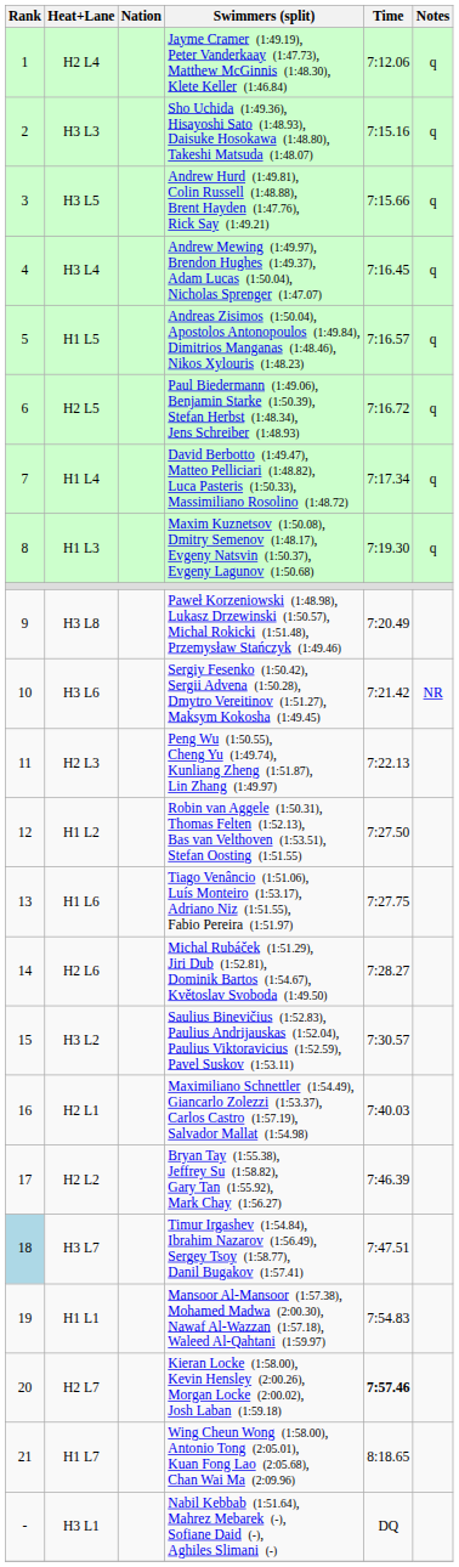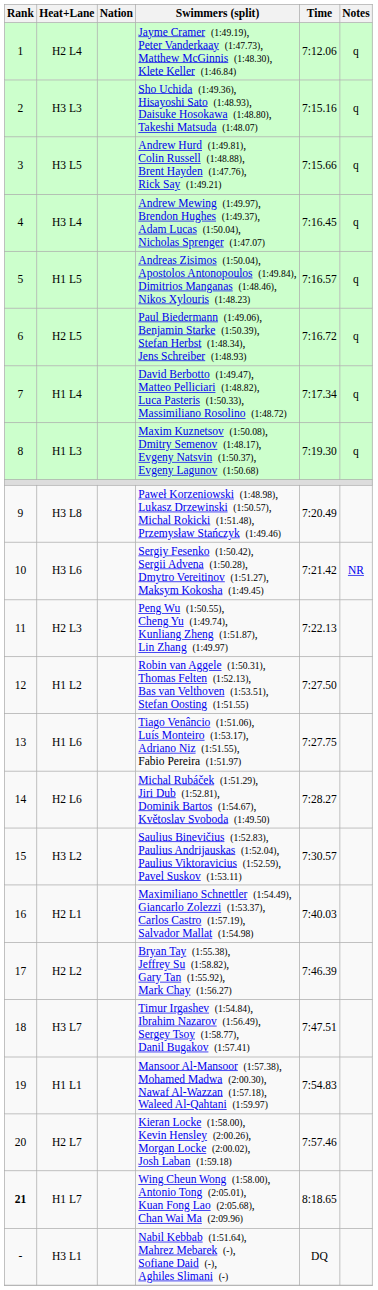 <table class="wikitable sortable" style="text-align:center">
 <tr>
 <th>Rank</th>
 <th>Heat+Lane</th>
 <th>Nation</th>
 <th>Swimmers (split)</th>
 <th>Time</th>
 <th>Notes</th>
 </tr>
 <tr bgcolor=ccffcc>
 <td>1</td>
 <td>H2 L4</td>
 <td align=left></td>
 <td align=left><a href='#'>Jayme Cramer</a>  <small>(1:49.19)</small>,<br> <a href='#'>Peter Vanderkaay</a>  <small>(1:47.73)</small>, <br> <a href='#'>Matthew McGinnis</a>  <small>(1:48.30)</small>,<br> <a href='#'>Klete Keller</a>  <small>(1:46.84)</small></td>
 <td>7:12.06</td>
 <td>q</td>
 </tr>
 <tr bgcolor=ccffcc>
 <td>2</td>
 <td>H3 L3</td>
 <td align=left></td>
 <td align=left><a href='#'>Sho Uchida</a>  <small>(1:49.36)</small>,<br> <a href='#'>Hisayoshi Sato</a>  <small>(1:48.93)</small>, <br> <a href='#'>Daisuke Hosokawa</a>  <small>(1:48.80)</small>,<br> <a href='#'>Takeshi Matsuda</a>  <small>(1:48.07)</small></td>
 <td>7:15.16</td>
 <td>q</td>
 </tr>
 <tr bgcolor=ccffcc>
 <td>3</td>
 <td>H3 L5</td>
 <td align=left></td>
 <td align=left><a href='#'>Andrew Hurd</a>  <small>(1:49.81)</small>,<br> <a href='#'>Colin Russell</a>  <small>(1:48.88)</small>, <br> <a href='#'>Brent Hayden</a>  <small>(1:47.76)</small>,<br> <a href='#'>Rick Say</a>  <small>(1:49.21)</small></td>
 <td>7:15.66</td>
 <td>q</td>
 </tr>
 <tr bgcolor=ccffcc>
 <td>4</td>
 <td>H3 L4</td>
 <td align=left></td>
 <td align=left><a href='#'>Andrew Mewing</a>  <small>(1:49.97)</small>,<br> <a href='#'>Brendon Hughes</a>  <small>(1:49.37)</small>, <br> <a href='#'>Adam Lucas</a>  <small>(1:50.04)</small>,<br> <a href='#'>Nicholas Sprenger</a>  <small>(1:47.07)</small></td>
 <td>7:16.45</td>
 <td>q</td>
 </tr>
 <tr bgcolor=ccffcc>
 <td>5</td>
 <td>H1 L5</td>
 <td align=left></td>
 <td align=left><a href='#'>Andreas Zisimos</a>  <small>(1:50.04)</small>,<br> <a href='#'>Apostolos Antonopoulos</a>  <small>(1:49.84)</small>, <br> <a href='#'>Dimitrios Manganas</a>  <small>(1:48.46)</small>,<br> <a href='#'>Nikos Xylouris</a>  <small>(1:48.23)</small></td>
 <td>7:16.57</td>
 <td>q</td>
 </tr>
 <tr bgcolor=ccffcc>
 <td>6</td>
 <td>H2 L5</td>
 <td align=left></td>
 <td align=left><a href='#'>Paul Biedermann</a>  <small>(1:49.06)</small>,<br> <a href='#'>Benjamin Starke</a>  <small>(1:50.39)</small>, <br> <a href='#'>Stefan Herbst</a>  <small>(1:48.34)</small>,<br> <a href='#'>Jens Schreiber</a>  <small>(1:48.93)</small></td>
 <td>7:16.72</td>
 <td>q</td>
 </tr>
 <tr bgcolor=ccffcc>
 <td>7</td>
 <td>H1 L4</td>
 <td align=left></td>
 <td align=left><a href='#'>David Berbotto</a>  <small>(1:49.47)</small>,<br> <a href='#'>Matteo Pelliciari</a>  <small>(1:48.82)</small>, <br> <a href='#'>Luca Pasteris</a>  <small>(1:50.33)</small>,<br> <a href='#'>Massimiliano Rosolino</a>  <small>(1:48.72)</small></td>
 <td>7:17.34</td>
 <td>q</td>
 </tr>
 <tr bgcolor=ccffcc>
 <td>8</td>
 <td>H1 L3</td>
 <td align=left></td>
 <td align=left><a href='#'>Maxim Kuznetsov</a>  <small>(1:50.08)</small>,<br> <a href='#'>Dmitry Semenov</a>  <small>(1:48.17)</small>, <br> <a href='#'>Evgeny Natsvin</a>  <small>(1:50.37)</small>,<br> <a href='#'>Evgeny Lagunov</a>  <small>(1:50.68)</small></td>
 <td>7:19.30</td>
 <td>q</td>
 </tr>
 <tr bgcolor=#DDDDDD>
 <td colspan=6></td>
 </tr>
 <tr>
 <td>9</td>
 <td>H3 L8</td>
 <td align=left></td>
 <td align=left><a href='#'>Paweł Korzeniowski</a>  <small>(1:48.98)</small>,<br> <a href='#'>Lukasz Drzewinski</a>  <small>(1:50.57)</small>, <br> <a href='#'>Michal Rokicki</a>  <small>(1:51.48)</small>,<br> <a href='#'>Przemysław Stańczyk</a>  <small>(1:49.46)</small></td>
 <td>7:20.49</td>
 <td></td>
 </tr>
 <tr>
 <td>10</td>
 <td>H3 L6</td>
 <td align=left></td>
 <td align=left><a href='#'>Sergiy Fesenko</a>  <small>(1:50.42)</small>,<br> <a href='#'>Sergii Advena</a>  <small>(1:50.28)</small>, <br> <a href='#'>Dmytro Vereitinov</a>  <small>(1:51.27)</small>,<br> <a href='#'>Maksym Kokosha</a>  <small>(1:49.45)</small></td>
 <td>7:21.42</td>
 <td><a href='#'>NR</a></td>
 </tr>
 <tr>
 <td>11</td>
 <td>H2 L3</td>
 <td align=left></td>
 <td align=left><a href='#'>Peng Wu</a>  <small>(1:50.55)</small>,<br> <a href='#'>Cheng Yu</a>  <small>(1:49.74)</small>, <br> <a href='#'>Kunliang Zheng</a>  <small>(1:51.87)</small>,<br> <a href='#'>Lin Zhang</a>  <small>(1:49.97)</small></td>
 <td>7:22.13</td>
 <td></td>
 </tr>
 <tr>
 <td>12</td>
 <td>H1 L2</td>
 <td align=left></td>
 <td align=left><a href='#'>Robin van Aggele</a>  <small>(1:50.31)</small>,<br> <a href='#'>Thomas Felten</a>  <small>(1:52.13)</small>, <br> <a href='#'>Bas van Velthoven</a>  <small>(1:53.51)</small>,<br> <a href='#'>Stefan Oosting</a>  <small>(1:51.55)</small></td>
 <td>7:27.50</td>
 <td></td>
 </tr>
 <tr>
 <td>13</td>
 <td>H1 L6</td>
 <td align=left></td>
 <td align=left><a href='#'>Tiago Venâncio</a>  <small>(1:51.06)</small>,<br> <a href='#'>Luís Monteiro</a>  <small>(1:53.17)</small>, <br> <a href='#'>Adriano Niz</a>  <small>(1:51.55)</small>,<br> Fabio Pereira  <small>(1:51.97)</small></td>
 <td>7:27.75</td>
 <td></td>
 </tr>
 <tr>
 <td>14</td>
 <td>H2 L6</td>
 <td align=left></td>
 <td align=left><a href='#'>Michal Rubáček</a>  <small>(1:51.29)</small>,<br> <a href='#'>Jiri Dub</a>  <small>(1:52.81)</small>, <br> <a href='#'>Dominik Bartos</a>  <small>(1:54.67)</small>,<br> <a href='#'>Květoslav Svoboda</a>  <small>(1:49.50)</small></td>
 <td>7:28.27</td>
 <td></td>
 </tr>
 <tr>
 <td>15</td>
 <td>H3 L2</td>
 <td align=left></td>
 <td align=left><a href='#'>Saulius Binevičius</a>  <small>(1:52.83)</small>,<br> <a href='#'>Paulius Andrijauskas</a>  <small>(1:52.04)</small>, <br> <a href='#'>Paulius Viktoravicius</a>  <small>(1:52.59)</small>,<br> <a href='#'>Pavel Suskov</a>  <small>(1:53.11)</small></td>
 <td>7:30.57</td>
 <td></td>
 </tr>
 <tr>
 <td>16</td>
 <td>H2 L1</td>
 <td align=left></td>
 <td align=left><a href='#'>Maximiliano Schnettler</a>  <small>(1:54.49)</small>,<br> <a href='#'>Giancarlo Zolezzi</a>  <small>(1:53.37)</small>, <br> <a href='#'>Carlos Castro</a>  <small>(1:57.19)</small>,<br> <a href='#'>Salvador Mallat</a>  <small>(1:54.98)</small></td>
 <td>7:40.03</td>
 <td></td>
 </tr>
 <tr>
 <td>17</td>
 <td>H2 L2</td>
 <td align=left></td>
 <td align=left><a href='#'>Bryan Tay</a>  <small>(1:55.38)</small>,<br> <a href='#'>Jeffrey Su</a>  <small>(1:58.82)</small>, <br> <a href='#'>Gary Tan</a>  <small>(1:55.92)</small>,<br> <a href='#'>Mark Chay</a>  <small>(1:56.27)</small></td>
 <td>7:46.39</td>
 <td></td>
 </tr>
 <tr>
-<td style="background: lightblue;">18</td>
+<td>18</td>
 <td>H3 L7</td>
 <td align=left></td>
 <td align=left><a href='#'>Timur Irgashev</a>  <small>(1:54.84)</small>,<br> <a href='#'>Ibrahim Nazarov</a>  <small>(1:56.49)</small>, <br> <a href='#'>Sergey Tsoy</a>  <small>(1:58.77)</small>,<br> <a href='#'>Danil Bugakov</a>  <small>(1:57.41)</small></td>
 <td>7:47.51</td>
 <td></td>
 </tr>
 <tr>
 <td>19</td>
 <td>H1 L1</td>
 <td align=left></td>
 <td align=left><a href='#'>Mansoor Al-Mansoor</a>  <small>(1:57.38)</small>,<br> <a href='#'>Mohamed Madwa</a>  <small>(2:00.30)</small>, <br> <a href='#'>Nawaf Al-Wazzan</a>  <small>(1:57.18)</small>,<br> <a href='#'>Waleed Al-Qahtani</a>  <small>(1:59.97)</small></td>
 <td>7:54.83</td>
 <td></td>
 </tr>
 <tr>
 <td>20</td>
 <td>H2 L7</td>
 <td align=left></td>
 <td align=left><a href='#'>Kieran Locke</a>  <small>(1:58.00)</small>,<br> <a href='#'>Kevin Hensley</a>  <small>(2:00.26)</small>, <br> <a href='#'>Morgan Locke</a>  <small>(2:00.02)</small>,<br> <a href='#'>Josh Laban</a>  <small>(1:59.18)</small></td>
-<td><strong>7:57.46</strong></td>
+<td>7:57.46</td>
 <td></td>
 </tr>
 <tr>
-<td>21</td>
+<td><strong>21</strong></td>
 <td>H1 L7</td>
 <td align=left></td>
 <td align=left><a href='#'>Wing Cheun Wong</a>  <small>(1:58.00)</small>,<br> <a href='#'>Antonio Tong</a>  <small>(2:05.01)</small>, <br> <a href='#'>Kuan Fong Lao</a>  <small>(2:05.68)</small>,<br> <a href='#'>Chan Wai Ma</a>  <small>(2:09.96)</small></td>
 <td>8:18.65</td>
 <td></td>
 </tr>
 <tr>
 <td>-</td>
 <td>H3 L1</td>
 <td align=left></td>
 <td align=left><a href='#'>Nabil Kebbab</a>  <small>(1:51.64)</small>,<br> <a href='#'>Mahrez Mebarek</a>  <small>(-)</small>, <br> <a href='#'>Sofiane Daid</a>  <small>(-)</small>,<br> <a href='#'>Aghiles Slimani</a>  <small>(-)</small></td>
 <td>DQ</td>
 <td></td>
 </tr>
 <tr>
 </tr>
 </table>
